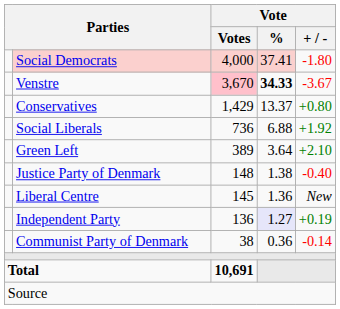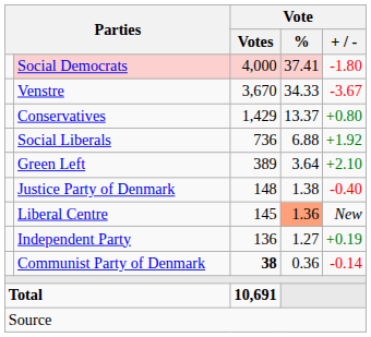 <table class="wikitable" style="text-align:right;">
 <tr>
 <th style="text-align:centre;" rowspan="2" colspan="2" width="225">Parties</th>
 <th colspan="3">Vote</th>
 </tr>
 <tr>
 <th width="15">Votes</th>
 <th width="15">%</th>
 <th width="15">+ / -</th>
 </tr>
 <tr>
 <td width="2" style="color:inherit;background:"></td>
 <td bgcolor=#fbd0ce  align="left"><a href='#'>Social Democrats</a></td>
 <td bgcolor=#fbd0ce>4,000</td>
 <td bgcolor=#fbd0ce>37.41</td>
 <td style=color:red;>-1.80</td>
 </tr>
 <tr>
 <td width="2" style="color:inherit;background:"></td>
 <td align="left"><a href='#'>Venstre</a></td>
-<td style="background: pink;">3,670</td>
-<td><strong>34.33</strong></td>
+<td>3,670</td>
+<td>34.33</td>
 <td style=color:red;>-3.67</td>
 </tr>
 <tr>
 <td width="2" style="color:inherit;background:"></td>
 <td align="left"><a href='#'>Conservatives</a></td>
 <td>1,429</td>
 <td>13.37</td>
 <td style=color:green;>+0.80</td>
 </tr>
 <tr>
 <td width="2" style="color:inherit;background:"></td>
 <td align="left"><a href='#'>Social Liberals</a></td>
 <td>736</td>
 <td>6.88</td>
 <td style=color:green;>+1.92</td>
 </tr>
 <tr>
 <td width="2" style="color:inherit;background:"></td>
 <td align="left"><a href='#'>Green Left</a></td>
 <td>389</td>
 <td>3.64</td>
 <td style=color:green;>+2.10</td>
 </tr>
 <tr>
 <td width="2" style="color:inherit;background:"></td>
 <td align="left"><a href='#'>Justice Party of Denmark</a></td>
 <td>148</td>
 <td>1.38</td>
 <td style=color:red;>-0.40</td>
 </tr>
 <tr>
 <td width="2" style="color:inherit;background:"></td>
 <td align="left"><a href='#'>Liberal Centre</a></td>
 <td>145</td>
-<td>1.36</td>
+<td style="background: lightsalmon;">1.36</td>
 <td><em>New</em></td>
 </tr>
 <tr>
 <td width="2" style="color:inherit;background:"></td>
 <td align="left"><a href='#'>Independent Party</a></td>
 <td>136</td>
-<td style="background: lavender;">1.27</td>
+<td>1.27</td>
 <td style=color:green;>+0.19</td>
 </tr>
 <tr>
 <td width="2" style="color:inherit;background:"></td>
 <td align="left"><a href='#'>Communist Party of Denmark</a></td>
-<td>38</td>
+<td><strong>38</strong></td>
 <td>0.36</td>
 <td style=color:red;>-0.14</td>
 </tr>
 <tr>
 <td colspan="7" bgcolor="#E9E9E9"></td>
 </tr>
 <tr>
 <td align="left" colspan="2"><strong>Total</strong></td>
 <td><strong>10,691</strong></td>
 <td bgcolor="#E9E9E9" colspan="2"></td>
 </tr>
 <tr>
 <td align="left" colspan="6">Source</td>
 </tr>
 </table>
